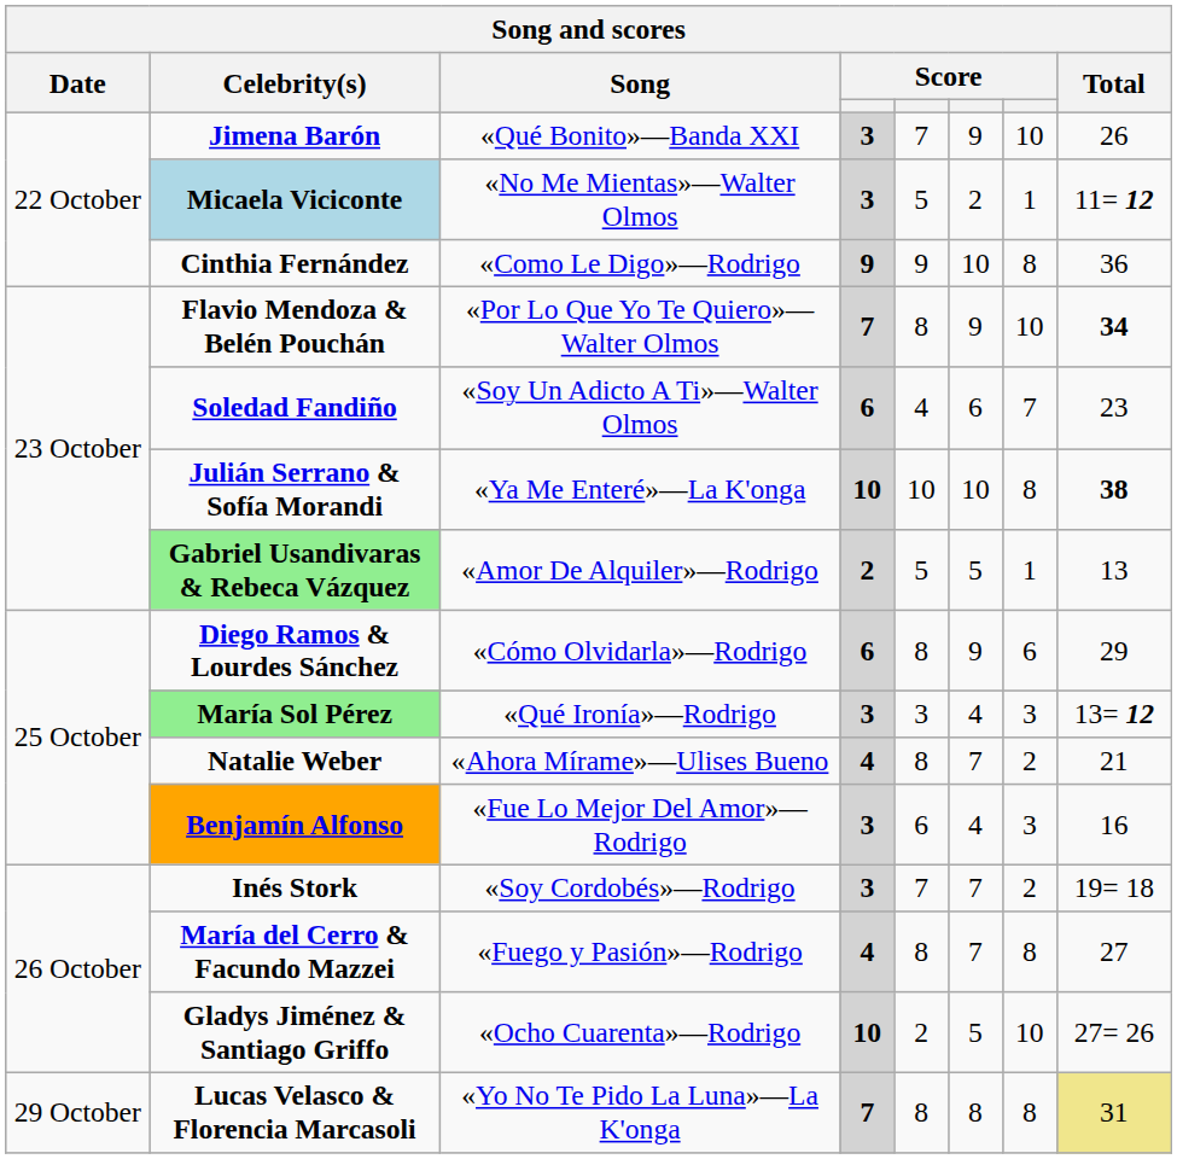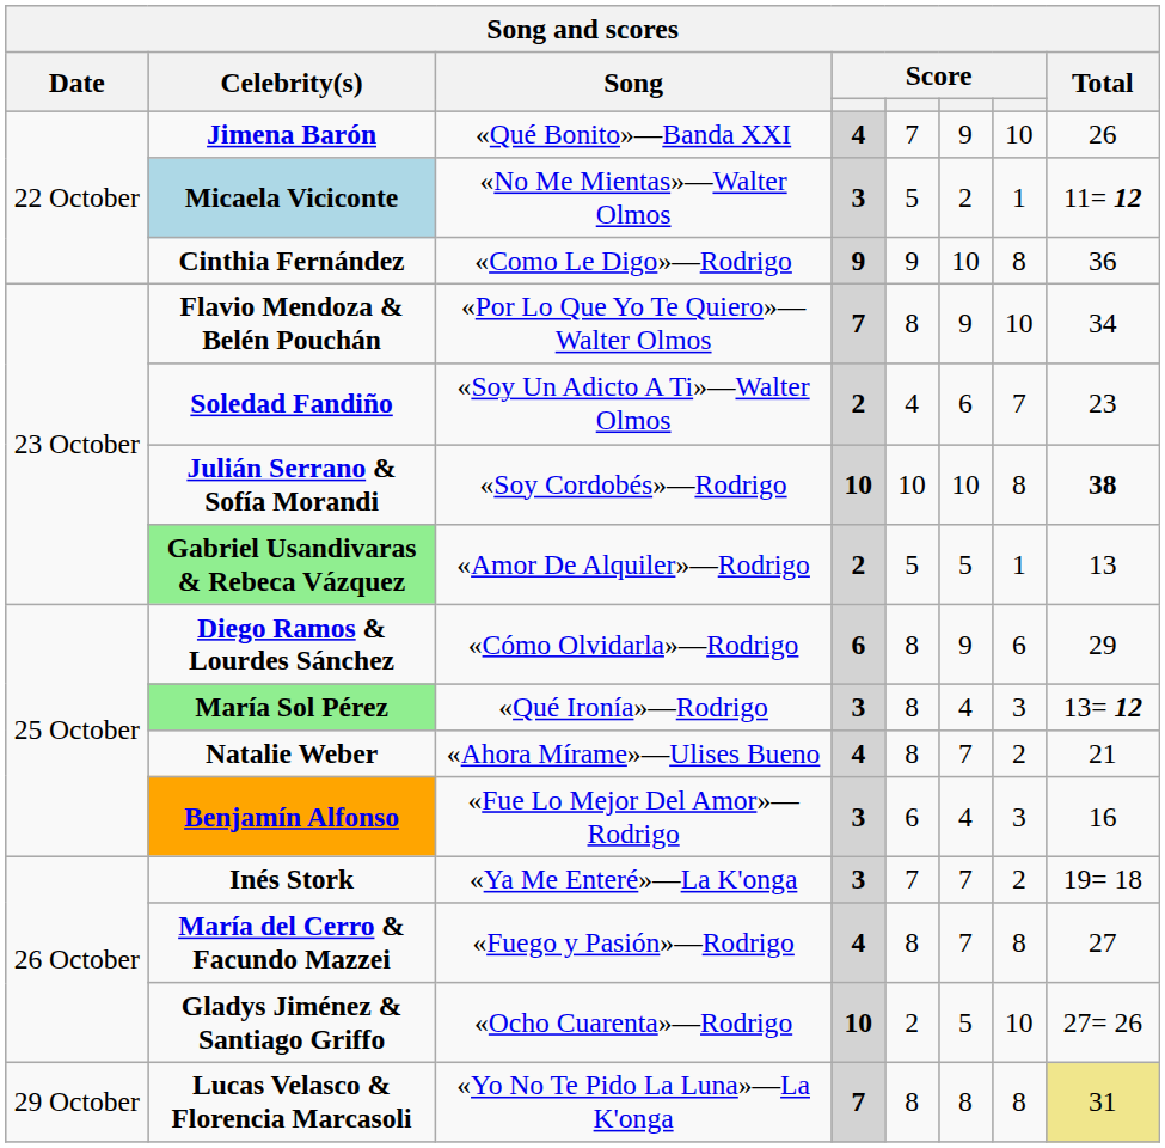 <table class="wikitable collapsible collapsed" style="font-size:95%; text-align: center; width: 100%;">
 <tr>
 <th colspan="11" style="with: 100%;" align=center>Song and scores</th>
 </tr>
 <tr>
 <th rowspan="2" width=95>Date</th>
 <th rowspan="2" width=230>Celebrity(s)</th>
 <th rowspan="2" width=360>Song</th>
 <th colspan="4">Score</th>
 <th rowspan="2" width=80>Total</th>
 </tr>
 <tr>
 <th width=30></th>
 <th width=30></th>
 <th width=30></th>
 <th width=30></th>
 </tr>
 <tr>
 <td rowspan="3">22 October</td>
 <td bgcolor=""><strong><a href='#'>Jimena Barón</a></strong></td>
 <td>«<a href='#'>Qué Bonito</a>»—<a href='#'>Banda XXI</a></td>
-<td bgcolor="lightgrey"><strong>3</strong></td>
+<td bgcolor="lightgrey"><strong>4</strong></td>
 <td>7</td>
 <td>9</td>
 <td>10</td>
 <td>26</td>
 </tr>
 <tr>
 <td bgcolor="lightblue"><strong>Micaela Viciconte</strong></td>
 <td>«<a href='#'>No Me Mientas</a>»—<a href='#'>Walter Olmos</a></td>
 <td bgcolor="lightgrey"><strong>3</strong></td>
 <td>5</td>
 <td>2</td>
 <td>1</td>
 <td>11= <span><strong><em>12</em></strong></span></td>
 </tr>
 <tr>
 <td bgcolor=""><strong>Cinthia Fernández</strong></td>
 <td>«<a href='#'>Como Le Digo</a>»—<a href='#'>Rodrigo</a></td>
 <td bgcolor="lightgrey"><strong>9</strong></td>
 <td>9</td>
 <td>10</td>
 <td>8</td>
 <td>36</td>
 </tr>
 <tr>
 <td rowspan="4">23 October</td>
 <td bgcolor=""><strong>Flavio Mendoza & Belén Pouchán</strong></td>
 <td>«<a href='#'>Por Lo Que Yo Te Quiero</a>»—<a href='#'>Walter Olmos</a></td>
 <td bgcolor="lightgrey"><strong>7</strong></td>
 <td>8</td>
 <td>9</td>
 <td>10</td>
-<td><strong>34</strong></td>
+<td>34</td>
 </tr>
 <tr>
 <td bgcolor=""><strong><a href='#'>Soledad Fandiño</a></strong></td>
 <td>«<a href='#'>Soy Un Adicto A Ti</a>»—<a href='#'>Walter Olmos</a></td>
-<td bgcolor="lightgrey"><strong>6</strong></td>
+<td bgcolor="lightgrey"><strong>2</strong></td>
 <td>4</td>
 <td>6</td>
 <td>7</td>
 <td>23</td>
 </tr>
 <tr>
 <td bgcolor=""><strong><a href='#'>Julián Serrano</a> & Sofía Morandi</strong></td>
-<td>«<a href='#'>Ya Me Enteré</a>»—<a href='#'>La K'onga</a></td>
+<td>«<a href='#'>Soy Cordobés</a>»—<a href='#'>Rodrigo</a></td>
 <td bgcolor="lightgrey"><strong>10</strong></td>
 <td>10</td>
 <td>10</td>
 <td>8</td>
 <td><span><strong>38</strong></span></td>
 </tr>
 <tr>
 <td bgcolor="lightgreen"><strong>Gabriel Usandivaras & Rebeca Vázquez</strong></td>
 <td>«<a href='#'>Amor De Alquiler</a>»—<a href='#'>Rodrigo</a></td>
 <td bgcolor="lightgrey"><strong>2</strong></td>
 <td>5</td>
 <td>5</td>
 <td>1</td>
 <td>13</td>
 </tr>
 <tr>
 <td rowspan="4">25 October</td>
 <td bgcolor=""><strong><a href='#'>Diego Ramos</a> & Lourdes Sánchez</strong></td>
 <td>«<a href='#'>Cómo Olvidarla</a>»—<a href='#'>Rodrigo</a></td>
 <td bgcolor="lightgrey"><strong>6</strong></td>
 <td>8</td>
 <td>9</td>
 <td>6</td>
 <td>29</td>
 </tr>
 <tr>
 <td bgcolor="lightgreen"><strong>María Sol Pérez</strong></td>
 <td>«<a href='#'>Qué Ironía</a>»—<a href='#'>Rodrigo</a></td>
 <td bgcolor="lightgrey"><strong>3</strong></td>
-<td>3</td>
+<td>8</td>
 <td>4</td>
 <td>3</td>
 <td>13= <span><strong><em>12</em></strong></span></td>
 </tr>
 <tr>
 <td bgcolor=""><strong>Natalie Weber</strong></td>
 <td>«<a href='#'>Ahora Mírame</a>»—<a href='#'>Ulises Bueno</a></td>
 <td bgcolor="lightgrey"><strong>4</strong></td>
 <td>8</td>
 <td>7</td>
 <td>2</td>
 <td>21</td>
 </tr>
 <tr>
 <td bgcolor="orange"><strong><a href='#'>Benjamín Alfonso</a></strong></td>
 <td>«<a href='#'>Fue Lo Mejor Del Amor</a>»—<a href='#'>Rodrigo</a></td>
 <td bgcolor="lightgrey"><strong>3</strong></td>
 <td>6</td>
 <td>4</td>
 <td>3</td>
 <td>16</td>
 </tr>
 <tr>
 <td rowspan="3">26 October</td>
 <td bgcolor=""><strong>Inés Stork</strong></td>
-<td>«<a href='#'>Soy Cordobés</a>»—<a href='#'>Rodrigo</a></td>
+<td>«<a href='#'>Ya Me Enteré</a>»—<a href='#'>La K'onga</a></td>
 <td bgcolor="lightgrey"><strong>3</strong></td>
 <td>7</td>
 <td>7</td>
 <td>2</td>
 <td>19= 18</td>
 </tr>
 <tr>
 <td bgcolor=""><strong><a href='#'>María del Cerro</a> & Facundo Mazzei</strong></td>
 <td>«<a href='#'>Fuego y Pasión</a>»—<a href='#'>Rodrigo</a></td>
 <td bgcolor="lightgrey"><strong>4</strong></td>
 <td>8</td>
 <td>7</td>
 <td>8</td>
 <td>27</td>
 </tr>
 <tr>
 <td bgcolor=""><strong>Gladys Jiménez & Santiago Griffo</strong></td>
 <td>«<a href='#'>Ocho Cuarenta</a>»—<a href='#'>Rodrigo</a></td>
 <td bgcolor="lightgrey"><strong>10</strong></td>
 <td>2</td>
 <td>5</td>
 <td>10</td>
 <td>27= 26</td>
 </tr>
 <tr>
 <td rowspan="1">29 October</td>
 <td bgcolor=""><strong>Lucas Velasco & Florencia Marcasoli</strong></td>
 <td>«<a href='#'>Yo No Te Pido La Luna</a>»—<a href='#'>La K'onga</a></td>
 <td bgcolor="lightgrey"><strong>7</strong></td>
 <td>8</td>
 <td>8</td>
 <td>8</td>
 <td style="background: khaki;">31</td>
 </tr>
 </table>
